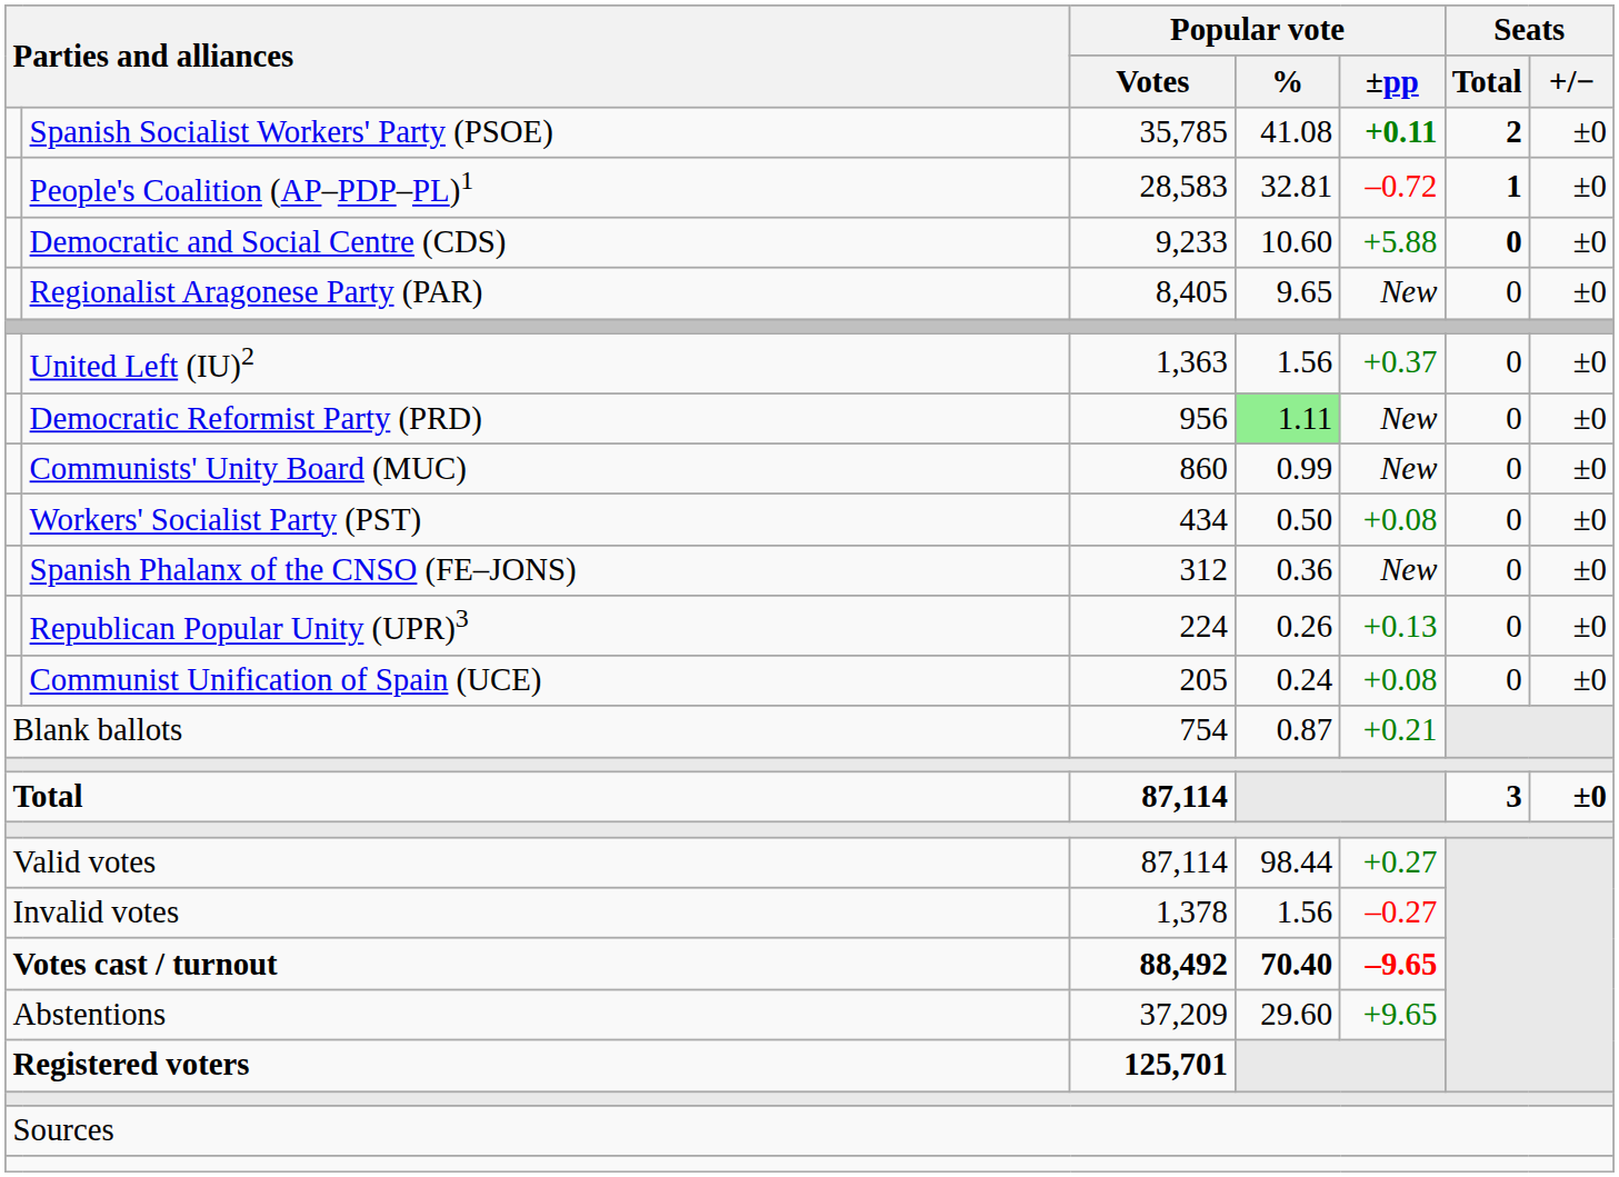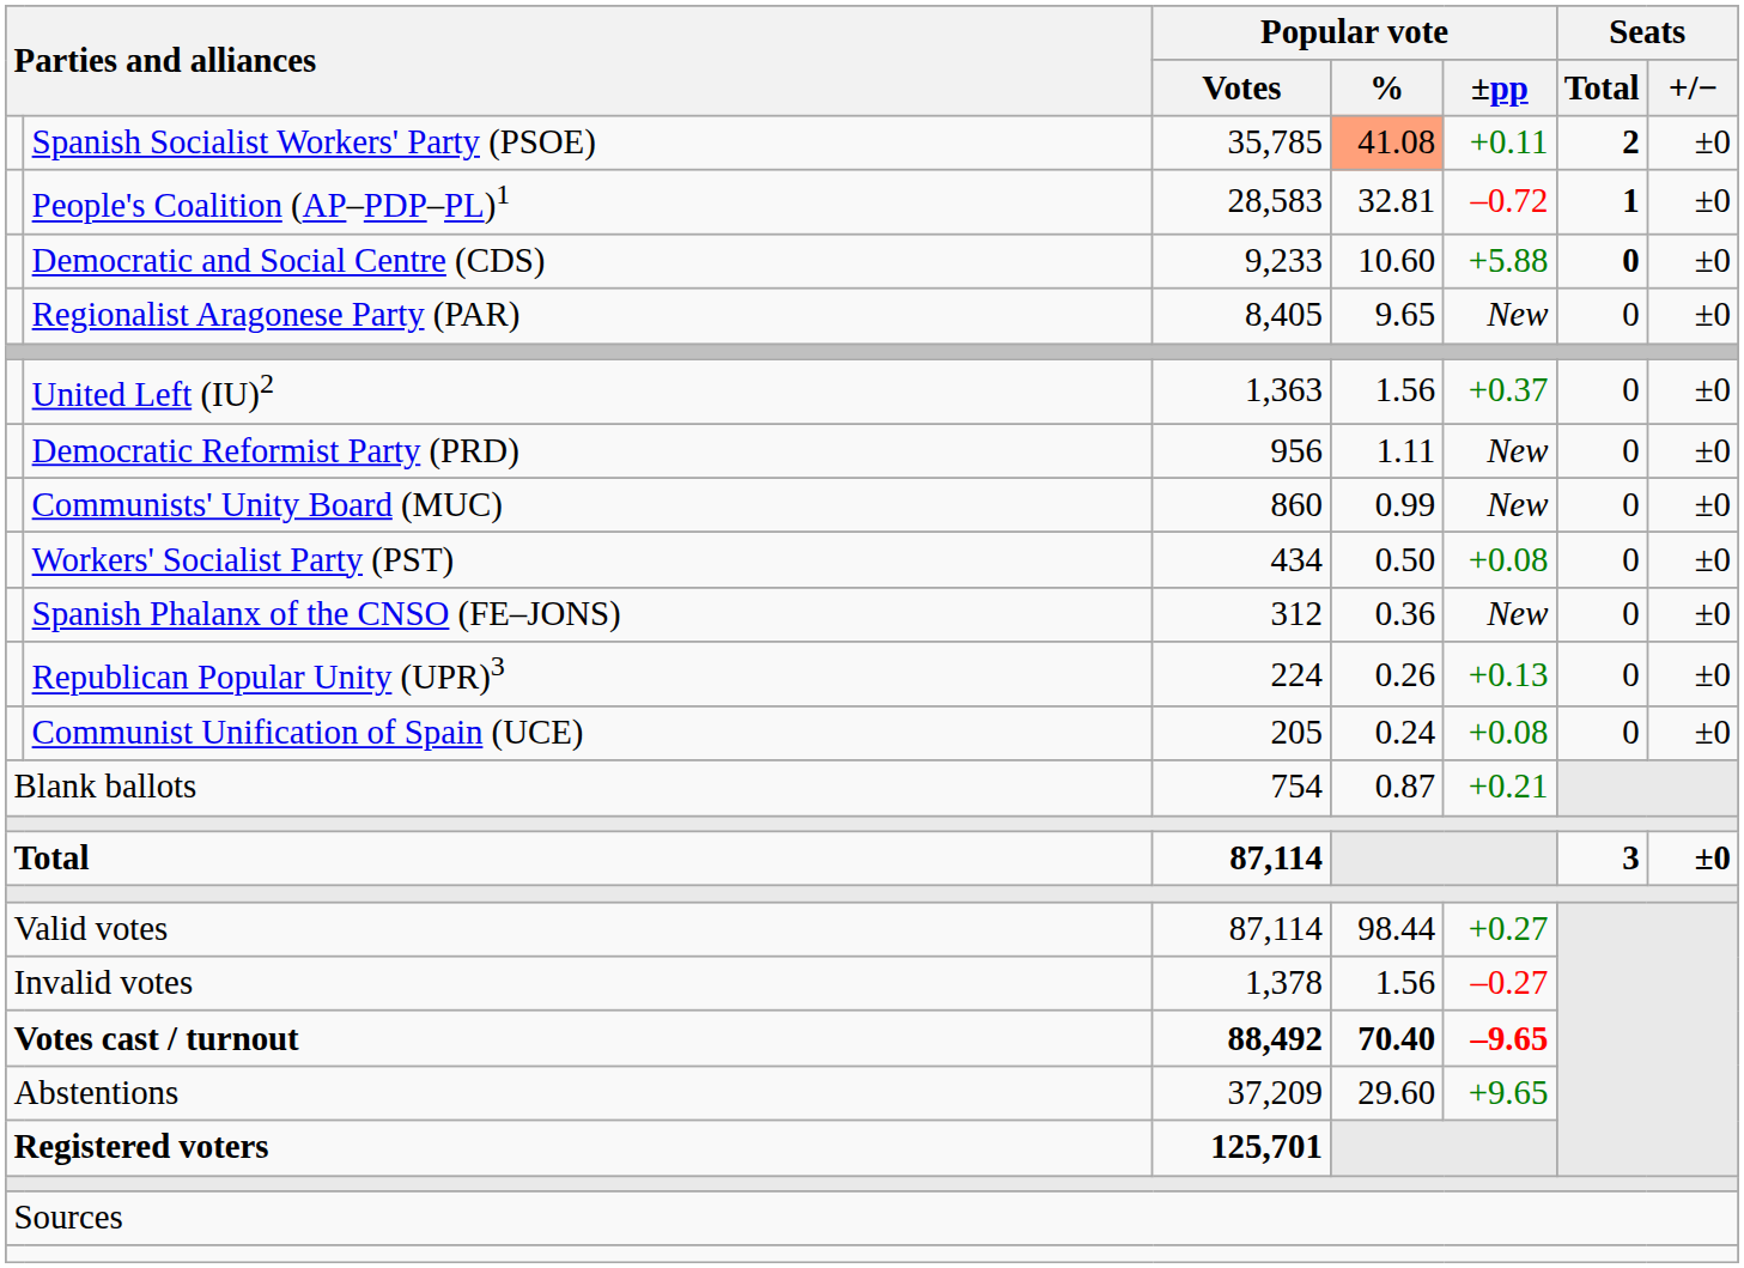 <table class="wikitable" style="text-align:right;">
 <tr>
 <th style="text-align:left;" rowspan="2" colspan="2" width="525">Parties and alliances</th>
 <th colspan="3">Popular vote</th>
 <th colspan="2">Seats</th>
 </tr>
 <tr>
 <th width="75">Votes</th>
 <th width="45">%</th>
 <th width="45">±<a href='#'>pp</a></th>
 <th width="35">Total</th>
 <th width="35">+/−</th>
 </tr>
 <tr>
 <td width="1" style="color:inherit;background:"></td>
 <td align="left"><a href='#'>Spanish Socialist Workers' Party</a> (PSOE)</td>
 <td>35,785</td>
-<td>41.08</td>
-<td style="color:green;"><strong>+0.11</strong></td>
+<td style="background: lightsalmon;">41.08</td>
+<td style="color:green;">+0.11</td>
 <td><strong>2</strong></td>
 <td>±0</td>
 </tr>
 <tr>
 <td style="color:inherit;background:"></td>
 <td align="left"><a href='#'>People's Coalition</a> (<a href='#'>AP</a>–<a href='#'>PDP</a>–<a href='#'>PL</a>)<sup>1</sup></td>
 <td>28,583</td>
 <td>32.81</td>
 <td style="color:red;">–0.72</td>
 <td><strong>1</strong></td>
 <td>±0</td>
 </tr>
 <tr>
 <td style="color:inherit;background:"></td>
 <td align="left"><a href='#'>Democratic and Social Centre</a> (CDS)</td>
 <td>9,233</td>
 <td>10.60</td>
 <td style="color:green;">+5.88</td>
 <td><strong>0</strong></td>
 <td>±0</td>
 </tr>
 <tr>
 <td style="color:inherit;background:"></td>
 <td align="left"><a href='#'>Regionalist Aragonese Party</a> (PAR)</td>
 <td>8,405</td>
 <td>9.65</td>
 <td><em>New</em></td>
 <td>0</td>
 <td>±0</td>
 </tr>
 <tr>
 <td colspan="7" bgcolor="#C0C0C0"></td>
 </tr>
 <tr>
 <td style="color:inherit;background:"></td>
 <td align="left"><a href='#'>United Left</a> (IU)<sup>2</sup></td>
 <td>1,363</td>
 <td>1.56</td>
 <td style="color:green;">+0.37</td>
 <td>0</td>
 <td>±0</td>
 </tr>
 <tr>
 <td style="color:inherit;background:"></td>
 <td align="left"><a href='#'>Democratic Reformist Party</a> (PRD)</td>
 <td>956</td>
-<td style="background: lightgreen;">1.11</td>
+<td>1.11</td>
 <td><em>New</em></td>
 <td>0</td>
 <td>±0</td>
 </tr>
 <tr>
 <td style="color:inherit;background:"></td>
 <td align="left"><a href='#'>Communists' Unity Board</a> (MUC)</td>
 <td>860</td>
 <td>0.99</td>
 <td><em>New</em></td>
 <td>0</td>
 <td>±0</td>
 </tr>
 <tr>
 <td style="color:inherit;background:"></td>
 <td align="left"><a href='#'>Workers' Socialist Party</a> (PST)</td>
 <td>434</td>
 <td>0.50</td>
 <td style="color:green;">+0.08</td>
 <td>0</td>
 <td>±0</td>
 </tr>
 <tr>
 <td style="color:inherit;background:"></td>
 <td align="left"><a href='#'>Spanish Phalanx of the CNSO</a> (FE–JONS)</td>
 <td>312</td>
 <td>0.36</td>
 <td><em>New</em></td>
 <td>0</td>
 <td>±0</td>
 </tr>
 <tr>
 <td style="color:inherit;background:"></td>
 <td align="left"><a href='#'>Republican Popular Unity</a> (UPR)<sup>3</sup></td>
 <td>224</td>
 <td>0.26</td>
 <td style="color:green;">+0.13</td>
 <td>0</td>
 <td>±0</td>
 </tr>
 <tr>
 <td style="color:inherit;background:"></td>
 <td align="left"><a href='#'>Communist Unification of Spain</a> (UCE)</td>
 <td>205</td>
 <td>0.24</td>
 <td style="color:green;">+0.08</td>
 <td>0</td>
 <td>±0</td>
 </tr>
 <tr>
 <td align="left" colspan="2">Blank ballots</td>
 <td>754</td>
 <td>0.87</td>
 <td style="color:green;">+0.21</td>
 <td bgcolor="#E9E9E9" colspan="2"></td>
 </tr>
 <tr>
 <td colspan="7" bgcolor="#E9E9E9"></td>
 </tr>
 <tr style="font-weight:bold;">
 <td align="left" colspan="2">Total</td>
 <td>87,114</td>
 <td bgcolor="#E9E9E9" colspan="2"></td>
 <td>3</td>
 <td>±0</td>
 </tr>
 <tr>
 <td colspan="7" bgcolor="#E9E9E9"></td>
 </tr>
 <tr>
 <td align="left" colspan="2">Valid votes</td>
 <td>87,114</td>
 <td>98.44</td>
 <td style="color:green;">+0.27</td>
 <td bgcolor="#E9E9E9" colspan="2" rowspan="5"></td>
 </tr>
 <tr>
 <td align="left" colspan="2">Invalid votes</td>
 <td>1,378</td>
 <td>1.56</td>
 <td style="color:red;">–0.27</td>
 </tr>
 <tr style="font-weight:bold;">
 <td align="left" colspan="2">Votes cast / turnout</td>
 <td>88,492</td>
 <td>70.40</td>
 <td style="color:red;">–9.65</td>
 </tr>
 <tr>
 <td align="left" colspan="2">Abstentions</td>
 <td>37,209</td>
 <td>29.60</td>
 <td style="color:green;">+9.65</td>
 </tr>
 <tr style="font-weight:bold;">
 <td align="left" colspan="2">Registered voters</td>
 <td>125,701</td>
 <td bgcolor="#E9E9E9" colspan="2"></td>
 </tr>
 <tr>
 <td colspan="7" bgcolor="#E9E9E9"></td>
 </tr>
 <tr>
 <td align="left" colspan="7">Sources</td>
 </tr>
 <tr>
 <td colspan="7" style="text-align:left; max-width:790px;"></td>
 </tr>
 </table>
